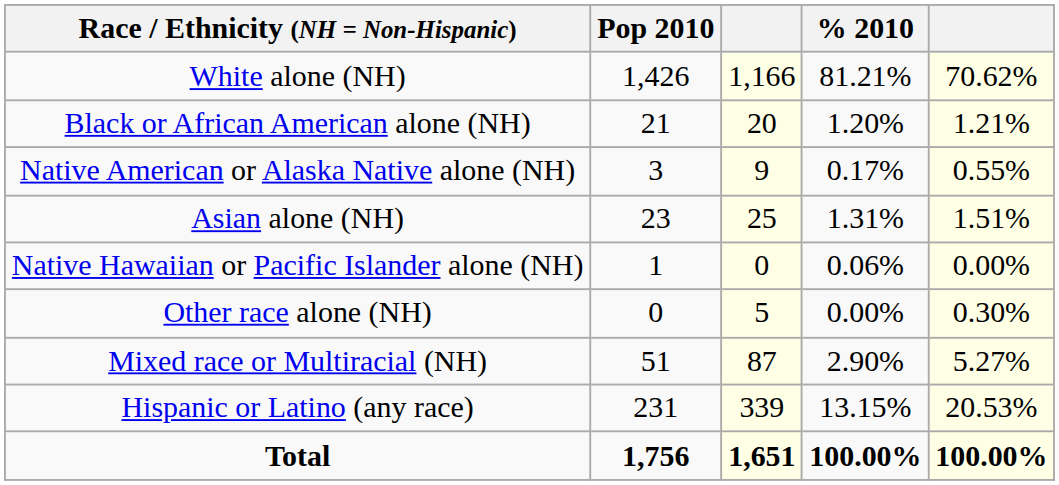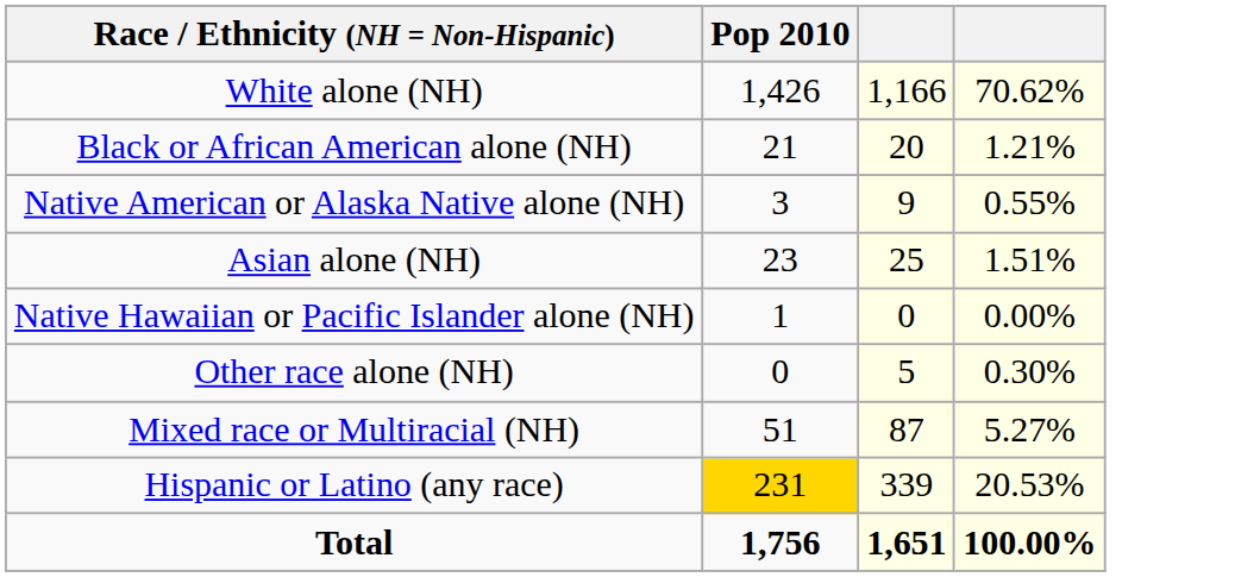 <table class="wikitable" style="text-align:center;">
 <tr>
 <th>Race / Ethnicity <small>(<em>NH = Non-Hispanic</em>)</small></th>
 <th>Pop 2010</th>
 <th></th>
-<th>% 2010</th>
 <th></th>
 </tr>
 <tr>
 <td><a href='#'>White</a> alone (NH)</td>
 <td>1,426</td>
 <td style='background: #ffffe6;'>1,166</td>
-<td>81.21%</td>
 <td style='background: #ffffe6;'>70.62%</td>
 </tr>
 <tr>
 <td><a href='#'>Black or African American</a> alone (NH)</td>
 <td>21</td>
 <td style='background: #ffffe6;'>20</td>
-<td>1.20%</td>
 <td style='background: #ffffe6;'>1.21%</td>
 </tr>
 <tr>
 <td><a href='#'>Native American</a> or <a href='#'>Alaska Native</a> alone (NH)</td>
 <td>3</td>
 <td style='background: #ffffe6;'>9</td>
-<td>0.17%</td>
 <td style='background: #ffffe6;'>0.55%</td>
 </tr>
 <tr>
 <td><a href='#'>Asian</a> alone (NH)</td>
 <td>23</td>
 <td style='background: #ffffe6;'>25</td>
-<td>1.31%</td>
 <td style='background: #ffffe6;'>1.51%</td>
 </tr>
 <tr>
 <td><a href='#'>Native Hawaiian</a> or <a href='#'>Pacific Islander</a> alone (NH)</td>
 <td>1</td>
 <td style='background: #ffffe6;'>0</td>
-<td>0.06%</td>
 <td style='background: #ffffe6;'>0.00%</td>
 </tr>
 <tr>
 <td><a href='#'>Other race</a> alone (NH)</td>
 <td>0</td>
 <td style='background: #ffffe6;'>5</td>
-<td>0.00%</td>
 <td style='background: #ffffe6;'>0.30%</td>
 </tr>
 <tr>
 <td><a href='#'>Mixed race or Multiracial</a> (NH)</td>
 <td>51</td>
 <td style='background: #ffffe6;'>87</td>
-<td>2.90%</td>
 <td style='background: #ffffe6;'>5.27%</td>
 </tr>
 <tr>
 <td><a href='#'>Hispanic or Latino</a> (any race)</td>
-<td>231</td>
+<td style="background: gold;">231</td>
 <td style='background: #ffffe6;'>339</td>
-<td>13.15%</td>
 <td style='background: #ffffe6;'>20.53%</td>
 </tr>
 <tr>
 <td><strong>Total</strong></td>
 <td><strong>1,756</strong></td>
 <td style='background: #ffffe6;'><strong>1,651</strong></td>
-<td><strong>100.00%</strong></td>
 <td style='background: #ffffe6;'><strong>100.00%</strong></td>
 </tr>
 </table>
